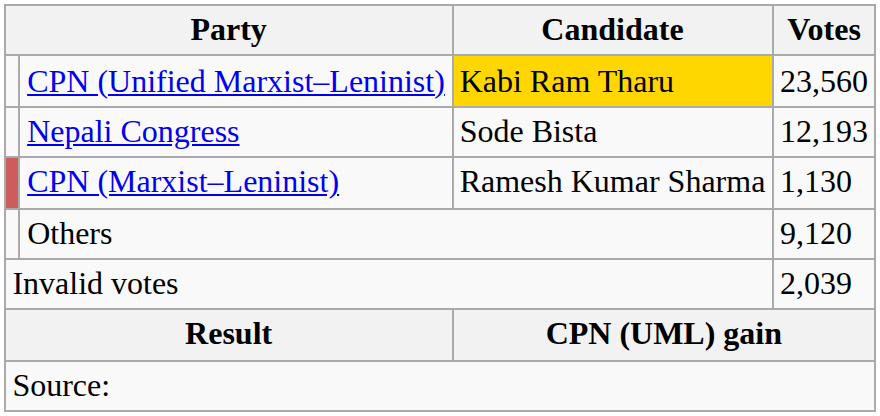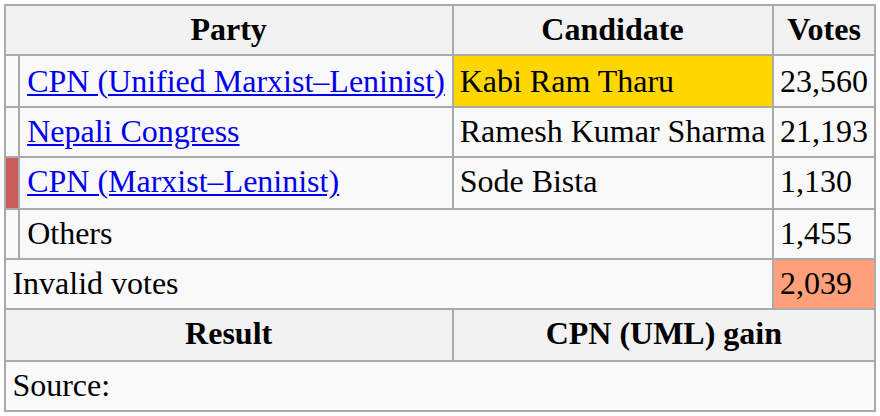 <table class="wikitable">
 <tr>
 <th colspan="2">Party</th>
 <th>Candidate</th>
 <th>Votes</th>
 </tr>
 <tr>
 <td style="background-color:"></td>
 <td><a href='#'>CPN (Unified Marxist–Leninist)</a></td>
 <td style="background: gold;">Kabi Ram Tharu</td>
 <td>23,560</td>
 </tr>
 <tr>
 <td style="background-color:"></td>
 <td><a href='#'>Nepali Congress</a></td>
-<td>Sode Bista</td>
-<td>12,193</td>
+<td>Ramesh Kumar Sharma</td>
+<td>21,193</td>
 </tr>
 <tr>
 <td style="background-color:indianred"></td>
 <td><a href='#'>CPN (Marxist–Leninist)</a></td>
-<td>Ramesh Kumar Sharma</td>
+<td>Sode Bista</td>
 <td>1,130</td>
 </tr>
 <tr>
 <td></td>
 <td colspan="2">Others</td>
-<td>9,120</td>
+<td>1,455</td>
 </tr>
 <tr>
 <td colspan="3">Invalid votes</td>
-<td>2,039</td>
+<td style="background: lightsalmon;">2,039</td>
 </tr>
 <tr>
 <th colspan="2">Result</th>
 <th colspan="2">CPN (UML) gain</th>
 </tr>
 <tr>
 <td colspan="4">Source: </td>
 </tr>
 </table>
